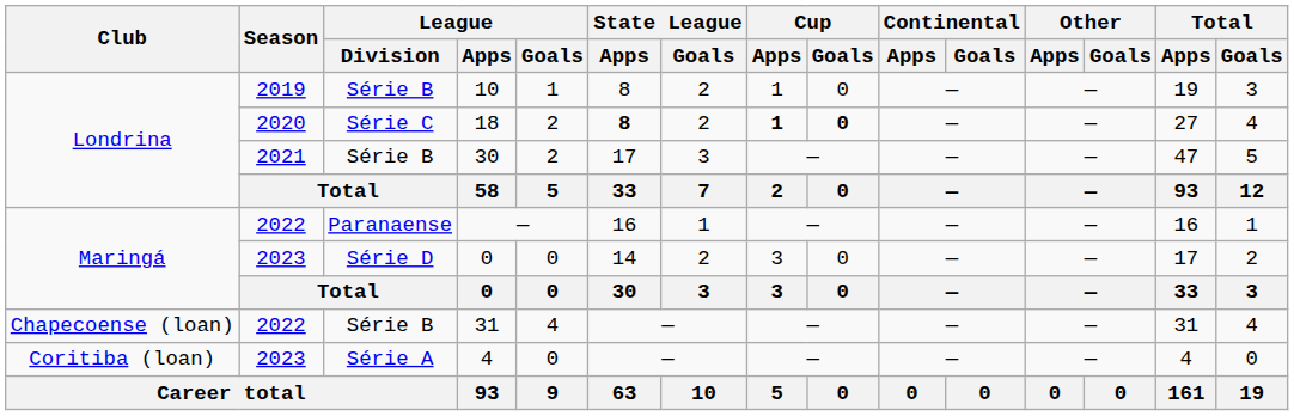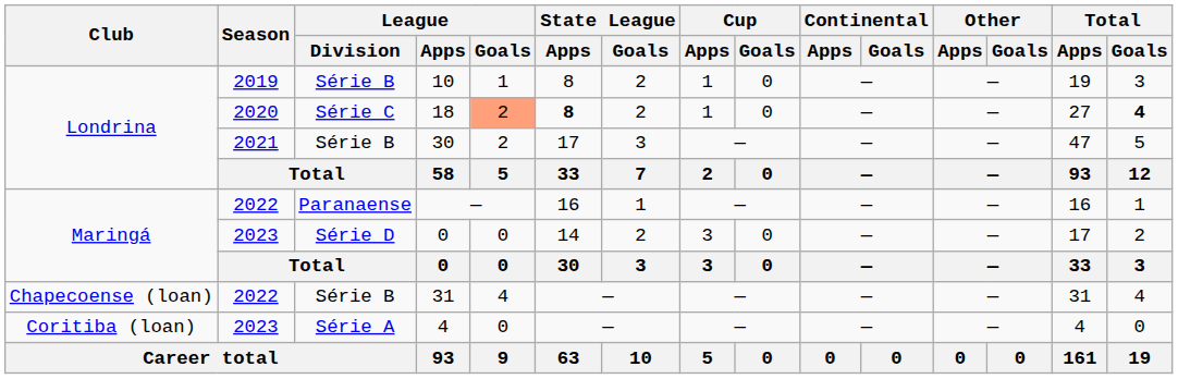 <table class="wikitable" style="text-align: center">
 <tr>
 <th rowspan="2">Club</th>
 <th rowspan="2">Season</th>
 <th colspan="3">League</th>
 <th colspan="2">State League</th>
 <th colspan="2">Cup</th>
 <th colspan="2">Continental</th>
 <th colspan="2">Other</th>
 <th colspan="2">Total</th>
 </tr>
 <tr>
 <th>Division</th>
 <th>Apps</th>
 <th>Goals</th>
 <th>Apps</th>
 <th>Goals</th>
 <th>Apps</th>
 <th>Goals</th>
 <th>Apps</th>
 <th>Goals</th>
 <th>Apps</th>
 <th>Goals</th>
 <th>Apps</th>
 <th>Goals</th>
 </tr>
 <tr>
 <td rowspan="4"><a href='#'>Londrina</a></td>
 <td><a href='#'>2019</a></td>
 <td><a href='#'>Série B</a></td>
 <td>10</td>
 <td>1</td>
 <td>8</td>
 <td>2</td>
 <td>1</td>
 <td>0</td>
 <td colspan="2">—</td>
 <td colspan="2">—</td>
 <td>19</td>
 <td>3</td>
 </tr>
 <tr>
 <td><a href='#'>2020</a></td>
 <td><a href='#'>Série C</a></td>
 <td>18</td>
-<td>2</td>
+<td style="background: lightsalmon;">2</td>
 <td><strong>8</strong></td>
 <td>2</td>
-<td><strong>1</strong></td>
-<td><strong>0</strong></td>
+<td>1</td>
+<td>0</td>
 <td colspan="2">—</td>
 <td colspan="2">—</td>
 <td>27</td>
-<td>4</td>
+<td><strong>4</strong></td>
 </tr>
 <tr>
 <td><a href='#'>2021</a></td>
 <td>Série B</td>
 <td>30</td>
 <td>2</td>
 <td>17</td>
 <td>3</td>
 <td colspan="2">—</td>
 <td colspan="2">—</td>
 <td colspan="2">—</td>
 <td>47</td>
 <td>5</td>
 </tr>
 <tr>
 <th colspan="2">Total</th>
 <th>58</th>
 <th>5</th>
 <th>33</th>
 <th>7</th>
 <th>2</th>
 <th>0</th>
 <th colspan="2">—</th>
 <th colspan="2">—</th>
 <th>93</th>
 <th>12</th>
 </tr>
 <tr>
 <td rowspan="3"><a href='#'>Maringá</a></td>
 <td><a href='#'>2022</a></td>
 <td><a href='#'>Paranaense</a></td>
 <td colspan="2">—</td>
 <td>16</td>
 <td>1</td>
 <td colspan="2">—</td>
 <td colspan="2">—</td>
 <td colspan="2">—</td>
 <td>16</td>
 <td>1</td>
 </tr>
 <tr>
 <td><a href='#'>2023</a></td>
 <td><a href='#'>Série D</a></td>
 <td>0</td>
 <td>0</td>
 <td>14</td>
 <td>2</td>
 <td>3</td>
 <td>0</td>
 <td colspan="2">—</td>
 <td colspan="2">—</td>
 <td>17</td>
 <td>2</td>
 </tr>
 <tr>
 <th colspan="2">Total</th>
 <th>0</th>
 <th>0</th>
 <th>30</th>
 <th>3</th>
 <th>3</th>
 <th>0</th>
 <th colspan="2">—</th>
 <th colspan="2">—</th>
 <th>33</th>
 <th>3</th>
 </tr>
 <tr>
 <td><a href='#'>Chapecoense</a> (loan)</td>
 <td><a href='#'>2022</a></td>
 <td>Série B</td>
 <td>31</td>
 <td>4</td>
 <td colspan="2">—</td>
 <td colspan="2">—</td>
 <td colspan="2">—</td>
 <td colspan="2">—</td>
 <td>31</td>
 <td>4</td>
 </tr>
 <tr>
 <td><a href='#'>Coritiba</a> (loan)</td>
 <td><a href='#'>2023</a></td>
 <td><a href='#'>Série A</a></td>
 <td>4</td>
 <td>0</td>
 <td colspan="2">—</td>
 <td colspan="2">—</td>
 <td colspan="2">—</td>
 <td colspan="2">—</td>
 <td>4</td>
 <td>0</td>
 </tr>
 <tr>
 <th colspan="3"><strong>Career total</strong></th>
 <th>93</th>
 <th>9</th>
 <th>63</th>
 <th>10</th>
 <th>5</th>
 <th>0</th>
 <th>0</th>
 <th>0</th>
 <th>0</th>
 <th>0</th>
 <th>161</th>
 <th>19</th>
 </tr>
 </table>
